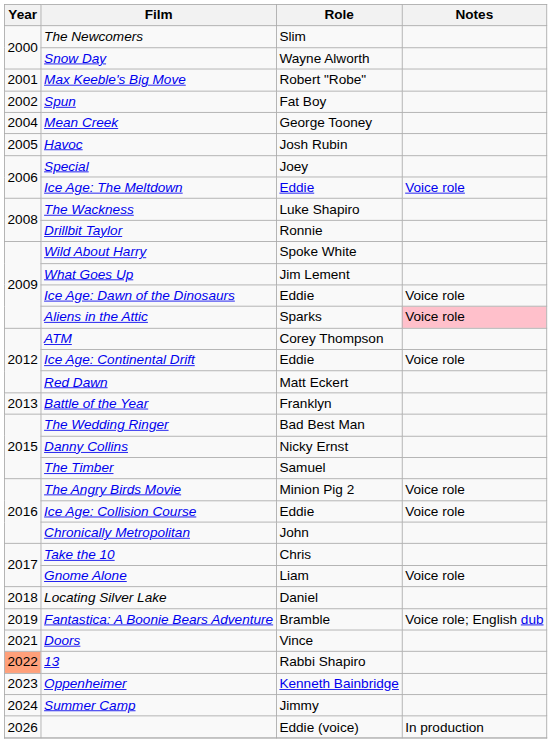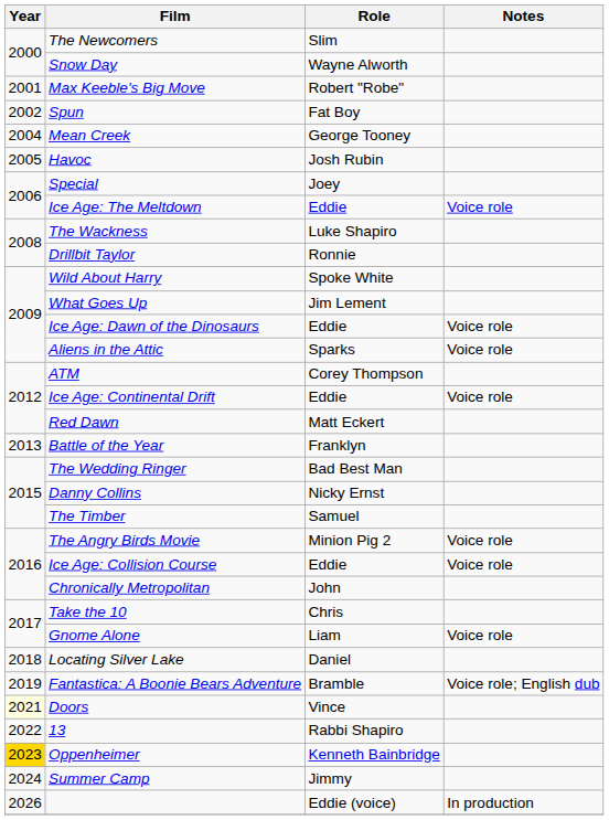 <table class="wikitable sortable">
 <tr>
 <th>Year</th>
 <th>Film</th>
 <th>Role</th>
 <th class = "unsortable">Notes</th>
 </tr>
 <tr>
 <td rowspan="2">2000</td>
 <td><em>The Newcomers</em></td>
 <td>Slim</td>
 <td></td>
 </tr>
 <tr>
 <td><em><a href='#'>Snow Day</a></em></td>
 <td>Wayne Alworth</td>
 <td></td>
 </tr>
 <tr>
 <td>2001</td>
 <td><em><a href='#'>Max Keeble's Big Move</a></em></td>
 <td>Robert "Robe"</td>
 <td></td>
 </tr>
 <tr>
 <td>2002</td>
 <td><em><a href='#'>Spun</a></em></td>
 <td>Fat Boy</td>
 <td></td>
 </tr>
 <tr>
 <td>2004</td>
 <td><em><a href='#'>Mean Creek</a></em></td>
 <td>George Tooney</td>
 <td></td>
 </tr>
 <tr>
 <td>2005</td>
 <td><em><a href='#'>Havoc</a></em></td>
 <td>Josh Rubin</td>
 <td></td>
 </tr>
 <tr>
 <td rowspan="2">2006</td>
 <td><em><a href='#'>Special</a></em></td>
 <td>Joey</td>
 <td></td>
 </tr>
 <tr>
 <td><em><a href='#'>Ice Age: The Meltdown</a></em></td>
 <td><a href='#'>Eddie</a></td>
 <td><a href='#'>Voice role</a></td>
 </tr>
 <tr>
 <td rowspan="2”">2008</td>
 <td><em><a href='#'>The Wackness</a></em></td>
 <td>Luke Shapiro</td>
 <td></td>
 </tr>
 <tr>
 <td><em><a href='#'>Drillbit Taylor</a></em></td>
 <td>Ronnie</td>
 <td></td>
 </tr>
 <tr>
 <td rowspan="4">2009</td>
 <td><em><a href='#'>Wild About Harry</a></em></td>
 <td>Spoke White</td>
 <td></td>
 </tr>
 <tr>
 <td><em><a href='#'>What Goes Up</a></em></td>
 <td>Jim Lement</td>
 <td></td>
 </tr>
 <tr>
 <td><em><a href='#'>Ice Age: Dawn of the Dinosaurs</a></em></td>
 <td>Eddie</td>
 <td>Voice role</td>
 </tr>
 <tr>
 <td><em><a href='#'>Aliens in the Attic</a></em></td>
 <td>Sparks</td>
-<td style="background: pink;">Voice role</td>
+<td>Voice role</td>
 </tr>
 <tr>
 <td rowspan="3">2012</td>
 <td><em><a href='#'>ATM</a></em></td>
 <td>Corey Thompson</td>
 <td></td>
 </tr>
 <tr>
 <td><em><a href='#'>Ice Age: Continental Drift</a></em></td>
 <td>Eddie</td>
 <td>Voice role</td>
 </tr>
 <tr>
 <td><em><a href='#'>Red Dawn</a></em></td>
 <td>Matt Eckert</td>
 <td></td>
 </tr>
 <tr>
 <td>2013</td>
 <td><em><a href='#'>Battle of the Year</a></em></td>
 <td>Franklyn</td>
 <td></td>
 </tr>
 <tr>
 <td rowspan="3">2015</td>
 <td><em><a href='#'>The Wedding Ringer</a></em></td>
 <td>Bad Best Man</td>
 <td></td>
 </tr>
 <tr>
 <td><em><a href='#'>Danny Collins</a></em></td>
 <td>Nicky Ernst</td>
 <td></td>
 </tr>
 <tr>
 <td><em><a href='#'>The Timber</a></em></td>
 <td>Samuel</td>
 <td></td>
 </tr>
 <tr>
 <td rowspan="3">2016</td>
 <td><em><a href='#'>The Angry Birds Movie</a></em></td>
 <td>Minion Pig 2</td>
 <td>Voice role</td>
 </tr>
 <tr>
 <td><em><a href='#'>Ice Age: Collision Course</a></em></td>
 <td>Eddie</td>
 <td>Voice role</td>
 </tr>
 <tr>
 <td><em><a href='#'>Chronically Metropolitan</a></em></td>
 <td>John</td>
 <td></td>
 </tr>
 <tr>
 <td rowspan="2">2017</td>
 <td><em><a href='#'>Take the 10</a></em></td>
 <td>Chris</td>
 <td></td>
 </tr>
 <tr>
 <td><em><a href='#'>Gnome Alone</a></em></td>
 <td>Liam</td>
 <td>Voice role</td>
 </tr>
 <tr>
 <td rowspan="1">2018</td>
 <td><em>Locating Silver Lake</em></td>
 <td>Daniel</td>
 <td></td>
 </tr>
 <tr>
 <td rowspan="1">2019</td>
 <td><em><a href='#'>Fantastica: A Boonie Bears Adventure</a></em></td>
 <td>Bramble</td>
 <td>Voice role; English <a href='#'>dub</a></td>
 </tr>
 <tr>
-<td>2021</td>
+<td style="background: lightyellow;">2021</td>
 <td><em><a href='#'>Doors</a></em></td>
 <td>Vince</td>
 <td></td>
 </tr>
 <tr>
-<td style="background: lightsalmon;">2022</td>
+<td>2022</td>
 <td><em><a href='#'>13</a></em></td>
 <td>Rabbi Shapiro</td>
 <td></td>
 </tr>
 <tr>
-<td>2023</td>
+<td style="background: gold;">2023</td>
 <td><em><a href='#'>Oppenheimer</a></em></td>
 <td><a href='#'>Kenneth Bainbridge</a></td>
 <td></td>
 </tr>
 <tr>
 <td>2024</td>
 <td><em><a href='#'>Summer Camp</a></em></td>
 <td>Jimmy</td>
 <td></td>
 </tr>
 <tr>
 <td>2026</td>
 <td></td>
 <td>Eddie (voice)</td>
 <td>In production</td>
 </tr>
 <tr>
 </tr>
 </table>
